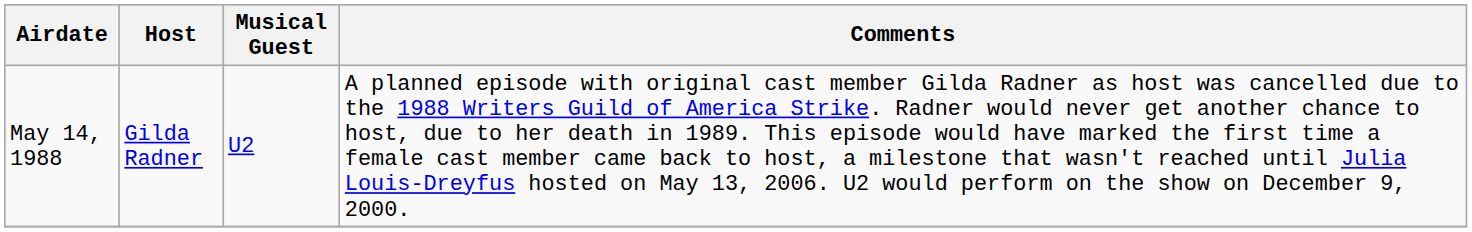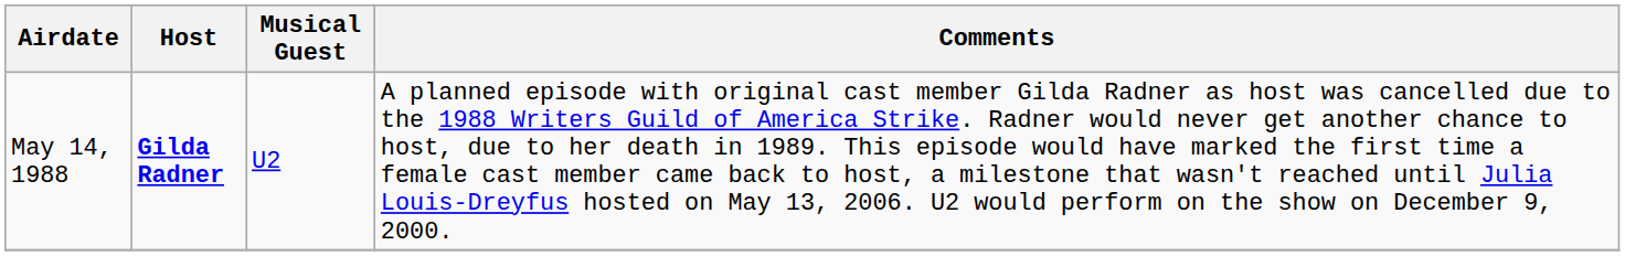 <table class="wikitable" border="1">
 <tr>
 <th>Airdate</th>
 <th>Host</th>
 <th>Musical Guest</th>
 <th>Comments</th>
 </tr>
 <tr>
 <td>May 14, 1988</td>
-<td><a href='#'>Gilda Radner</a></td>
+<td><strong><a href='#'>Gilda Radner</a></strong></td>
 <td><a href='#'>U2</a></td>
 <td>A planned episode with original cast member Gilda Radner as host was cancelled due to the <a href='#'>1988 Writers Guild of America Strike</a>. Radner would never get another chance to host, due to her death in 1989. This episode would have marked the first time a female cast member came back to host, a milestone that wasn't reached until <a href='#'>Julia Louis-Dreyfus</a> hosted on May 13, 2006. U2 would perform on the show on December 9, 2000.</td>
 </tr>
 <tr>
 </tr>
 </table>
